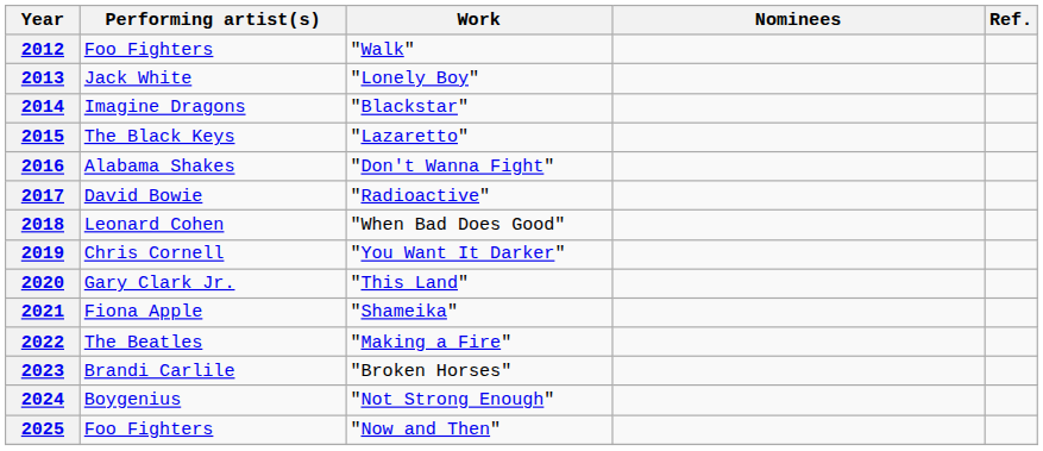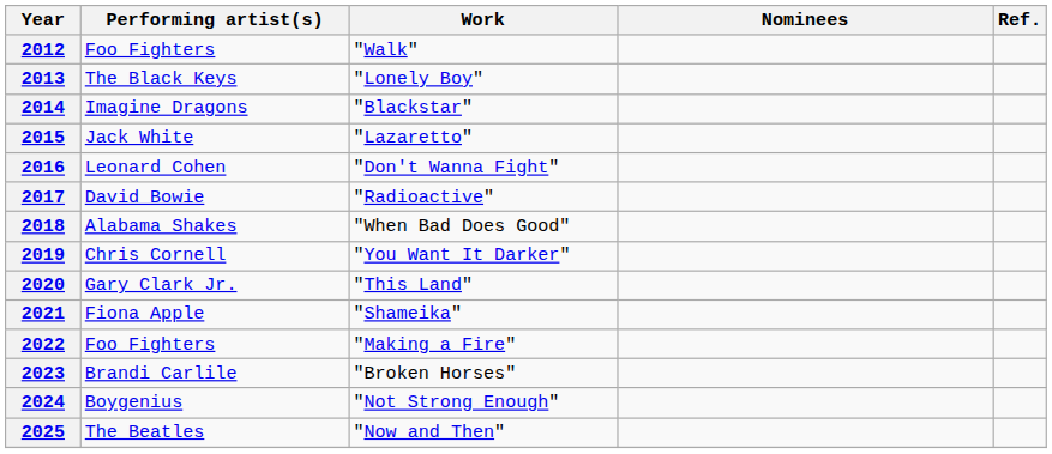 <table class="wikitable">
 <tr>
 <th width="7%">Year</th>
 <th width="25%">Performing artist(s)</th>
 <th width="25%">Work</th>
 <th width="35%" class=unsortable>Nominees</th>
 <th width="5%" class=unsortable>Ref.</th>
 </tr>
 <tr>
 <th scope="row" style="text-align:center;"><a href='#'>2012</a></th>
 <td><a href='#'>Foo Fighters</a></td>
 <td>"<a href='#'>Walk</a>"</td>
 <td></td>
 <td style="text-align:center;"></td>
 </tr>
 <tr>
 <th scope="row" style="text-align:center;"><a href='#'>2013</a></th>
-<td><a href='#'>Jack White</a></td>
+<td><a href='#'>The Black Keys</a></td>
 <td>"<a href='#'>Lonely Boy</a>"</td>
 <td></td>
 <td style="text-align:center;"></td>
 </tr>
 <tr>
 <th scope="row" style="text-align:center;"><a href='#'>2014</a></th>
 <td><a href='#'>Imagine Dragons</a></td>
 <td>"<a href='#'>Blackstar</a>"</td>
 <td></td>
 <td style="text-align:center;"></td>
 </tr>
 <tr>
 <th scope="row" style="text-align:center;"><a href='#'>2015</a></th>
-<td><a href='#'>The Black Keys</a></td>
+<td><a href='#'>Jack White</a></td>
 <td>"<a href='#'>Lazaretto</a>"</td>
 <td></td>
 <td style="text-align:center;"></td>
 </tr>
 <tr>
 <th scope="row" style="text-align:center;"><a href='#'>2016</a></th>
-<td><a href='#'>Alabama Shakes</a></td>
+<td><a href='#'>Leonard Cohen</a></td>
 <td>"<a href='#'>Don't Wanna Fight</a>"</td>
 <td></td>
 <td style="text-align:center;"></td>
 </tr>
 <tr>
 <th scope="row" style="text-align:center;"><a href='#'>2017</a></th>
 <td><a href='#'>David Bowie</a></td>
 <td>"<a href='#'>Radioactive</a>"</td>
 <td></td>
 <td style="text-align:center;"></td>
 </tr>
 <tr>
 <th scope="row" style="text-align:center;"><a href='#'>2018</a></th>
-<td><a href='#'>Leonard Cohen</a></td>
+<td><a href='#'>Alabama Shakes</a></td>
 <td>"When Bad Does Good"</td>
 <td></td>
 <td style="text-align:center;"></td>
 </tr>
 <tr>
 <th scope="row" style="text-align:center;"><a href='#'>2019</a></th>
 <td><a href='#'>Chris Cornell</a></td>
 <td>"<a href='#'>You Want It Darker</a>"</td>
 <td></td>
 <td style="text-align:center;"></td>
 </tr>
 <tr>
 <th scope="row" style="text-align:center;"><a href='#'>2020</a></th>
 <td><a href='#'>Gary Clark Jr.</a></td>
 <td>"<a href='#'>This Land</a>"</td>
 <td></td>
 <td style="text-align:center;"></td>
 </tr>
 <tr>
 <th scope="row" style="text-align:center;"><a href='#'>2021</a></th>
 <td><a href='#'>Fiona Apple</a></td>
 <td>"<a href='#'>Shameika</a>"</td>
 <td></td>
 <td style="text-align:center;"></td>
 </tr>
 <tr>
 <th><a href='#'>2022</a></th>
-<td><a href='#'>The Beatles</a></td>
+<td><a href='#'>Foo Fighters</a></td>
 <td>"<a href='#'>Making a Fire</a>"</td>
 <td></td>
 <td></td>
 </tr>
 <tr>
 <th><a href='#'>2023</a></th>
 <td><a href='#'>Brandi Carlile</a></td>
 <td>"Broken Horses"</td>
 <td></td>
 <td></td>
 </tr>
 <tr>
 <th><a href='#'>2024</a></th>
 <td><a href='#'>Boygenius</a></td>
 <td>"<a href='#'>Not Strong Enough</a>"</td>
 <td></td>
 <td></td>
 </tr>
 <tr>
 <th><a href='#'>2025</a></th>
-<td><a href='#'>Foo Fighters</a></td>
+<td><a href='#'>The Beatles</a></td>
 <td>"<a href='#'>Now and Then</a>"</td>
 <td></td>
 <td></td>
 </tr>
 <tr>
 </tr>
 </table>
